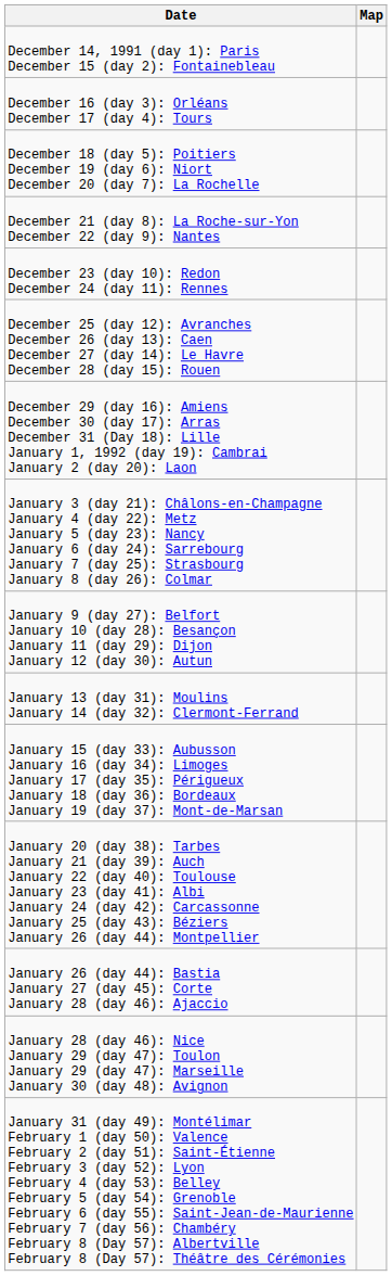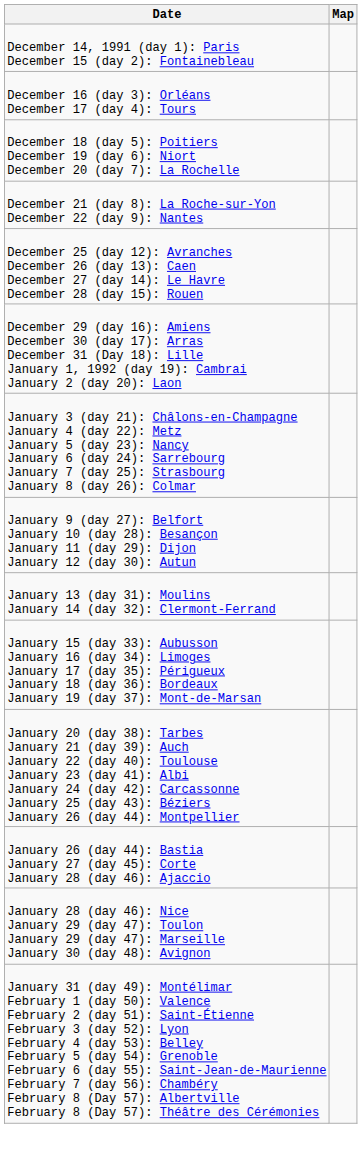 <table class="wikitable">
 <tr>
 <th>Date</th>
 <th>Map</th>
 </tr>
 <tr>
 <td><br>December 14, 1991 (day 1): <a href='#'>Paris</a><br> December 15 (day 2): <a href='#'>Fontainebleau</a></td>
 <td></td>
 </tr>
 <tr>
 <td><br>December 16 (day 3): <a href='#'>Orléans</a><br> December 17 (day 4): <a href='#'>Tours</a><br></td>
 <td></td>
 </tr>
 <tr>
 <td><br>December 18 (day 5): <a href='#'>Poitiers</a><br> December 19 (day 6): <a href='#'>Niort</a><br> December 20 (day 7): <a href='#'>La Rochelle</a></td>
 <td></td>
 </tr>
 <tr>
 <td><br>December 21 (day 8): <a href='#'>La Roche-sur-Yon</a><br> December 22 (day 9): <a href='#'>Nantes</a></td>
-<td></td>
-</tr>
-<tr>
-<td><br>December 23 (day 10): <a href='#'>Redon</a><br> December 24 (day 11): <a href='#'>Rennes</a></td>
 <td></td>
 </tr>
 <tr>
 <td><br>December 25 (day 12): <a href='#'>Avranches</a><br> December 26 (day 13): <a href='#'>Caen</a><br> December 27 (day 14): <a href='#'>Le Havre</a><br> December 28 (day 15): <a href='#'>Rouen</a></td>
 <td></td>
 </tr>
 <tr>
 <td><br>December 29 (day 16): <a href='#'>Amiens</a><br> December 30 (day 17): <a href='#'>Arras</a><br> December 31 (Day 18): <a href='#'>Lille</a><br> January 1, 1992 (day 19): <a href='#'>Cambrai</a><br> January 2 (day 20): <a href='#'>Laon</a></td>
 <td></td>
 </tr>
 <tr>
 <td><br>January 3 (day 21): <a href='#'>Châlons-en-Champagne</a><br> January 4 (day 22): <a href='#'>Metz</a><br> January 5 (day 23): <a href='#'>Nancy</a><br> January 6 (day 24): <a href='#'>Sarrebourg</a><br> January 7 (day 25): <a href='#'>Strasbourg</a><br> January 8 (day 26): <a href='#'>Colmar</a></td>
 <td></td>
 </tr>
 <tr>
 <td><br>January 9 (day 27): <a href='#'>Belfort</a><br> January 10 (day 28): <a href='#'>Besançon</a><br> January 11 (day 29): <a href='#'>Dijon</a><br> January 12 (day 30): <a href='#'>Autun</a></td>
 <td></td>
 </tr>
 <tr>
 <td><br>January 13 (day 31): <a href='#'>Moulins</a><br> January 14 (day 32): <a href='#'>Clermont-Ferrand</a></td>
 <td></td>
 </tr>
 <tr>
 <td><br>January 15 (day 33): <a href='#'>Aubusson</a><br> January 16 (day 34): <a href='#'>Limoges</a><br> January 17 (day 35): <a href='#'>Périgueux</a><br> January 18 (day 36): <a href='#'>Bordeaux</a><br> January 19 (day 37): <a href='#'>Mont-de-Marsan</a></td>
 <td></td>
 </tr>
 <tr>
 <td><br>January 20 (day 38): <a href='#'>Tarbes</a><br> January 21 (day 39): <a href='#'>Auch</a><br> January 22 (day 40): <a href='#'>Toulouse</a><br> January 23 (day 41): <a href='#'>Albi</a><br> January 24 (day 42): <a href='#'>Carcassonne</a><br> January 25 (day 43): <a href='#'>Béziers</a><br> January 26 (day 44): <a href='#'>Montpellier</a></td>
 <td></td>
 </tr>
 <tr>
 <td><br>January 26 (day 44): <a href='#'>Bastia</a><br> January 27 (day 45): <a href='#'>Corte</a><br> January 28 (day 46): <a href='#'>Ajaccio</a></td>
 <td></td>
 </tr>
 <tr>
 <td><br>January 28 (day 46): <a href='#'>Nice</a><br> January 29 (day 47): <a href='#'>Toulon</a><br> January 29 (day 47): <a href='#'>Marseille</a><br> January 30 (day 48): <a href='#'>Avignon</a></td>
 <td></td>
 </tr>
 <tr>
 <td><br>January 31 (day 49): <a href='#'>Montélimar</a><br> February 1 (day 50): <a href='#'>Valence</a><br> February 2 (day 51): <a href='#'>Saint-Étienne</a><br> February 3 (day 52): <a href='#'>Lyon</a><br> February 4 (day 53): <a href='#'>Belley</a><br> February 5 (day 54): <a href='#'>Grenoble</a><br> February 6 (day 55): <a href='#'>Saint-Jean-de-Maurienne</a><br> February 7 (day 56): <a href='#'>Chambéry</a><br> February 8 (Day 57): <a href='#'>Albertville</a><br> February 8 (Day 57): <a href='#'>Théâtre des Cérémonies</a></td>
 <td></td>
 </tr>
 </table>
